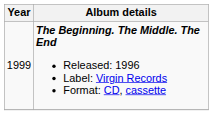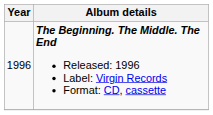 <table class ="wikitable">
 <tr>
 <th>Year</th>
 <th width="250">Album details</th>
 </tr>
 <tr>
-<td>1999</td>
+<td>1996</td>
 <td><strong><em>The Beginning. The Middle. The End</em></strong><br><ul><li>Released: 1996</li><li>Label: <a href='#'>Virgin Records</a></li><li>Format: <a href='#'>CD</a>, <a href='#'>cassette</a></li></ul></td>
 </tr>
 <tr>
 </tr>
 </table>
